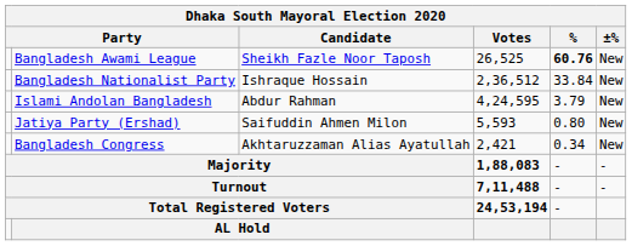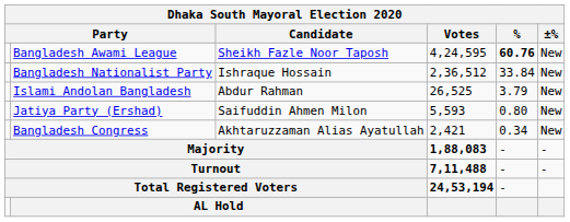 <table class="wikitable" style=text-align:left>
 <tr>
 <th style=text-align:center colspan="6">Dhaka South Mayoral Election 2020</th>
 </tr>
 <tr>
 <th colspan="2">Party</th>
 <th>Candidate</th>
 <th>Votes</th>
 <th>%</th>
 <th>±%</th>
 </tr>
 <tr>
 <td style="background-color:"></td>
 <td><a href='#'>Bangladesh Awami League</a></td>
 <td><a href='#'>Sheikh Fazle Noor Taposh</a></td>
-<td>26,525</td>
+<td>4,24,595</td>
 <td><strong>60.76</strong></td>
 <td>New</td>
 </tr>
 <tr>
 <td style="background-color:"></td>
 <td><a href='#'>Bangladesh Nationalist Party</a></td>
 <td>Ishraque Hossain</td>
 <td>2,36,512</td>
 <td>33.84</td>
 <td>New</td>
 </tr>
 <tr>
 <td style="background-color:"></td>
 <td><a href='#'>Islami Andolan Bangladesh</a></td>
 <td>Abdur Rahman</td>
-<td>4,24,595</td>
+<td>26,525</td>
 <td>3.79</td>
 <td>New</td>
 </tr>
 <tr>
 <td style="background-color:"></td>
 <td><a href='#'>Jatiya Party (Ershad)</a></td>
 <td>Saifuddin Ahmen Milon</td>
 <td>5,593</td>
 <td>0.80</td>
 <td>New</td>
 </tr>
 <tr>
 <td style="background-color:"></td>
 <td><a href='#'>Bangladesh Congress</a></td>
 <td>Akhtaruzzaman Alias Ayatullah</td>
 <td>2,421</td>
 <td>0.34</td>
 <td>New</td>
 </tr>
 <tr>
 <th align=right colspan=3>Majority</th>
 <td><strong>1,88,083</strong></td>
 <td>-</td>
 <td>-</td>
 </tr>
 <tr>
 <th align=right colspan=3>Turnout</th>
 <td><strong>7,11,488</strong></td>
 <td>-</td>
 <td>-</td>
 </tr>
 <tr>
 <th align=right colspan=3>Total Registered Voters</th>
 <td><strong>24,53,194</strong></td>
 <td>-</td>
 <td></td>
 </tr>
 <tr>
 <td style="background-color:"></td>
 <th align=left colspan=2>AL Hold</th>
 <th></th>
 <th align=left></th>
 <th></th>
 </tr>
 </table>
